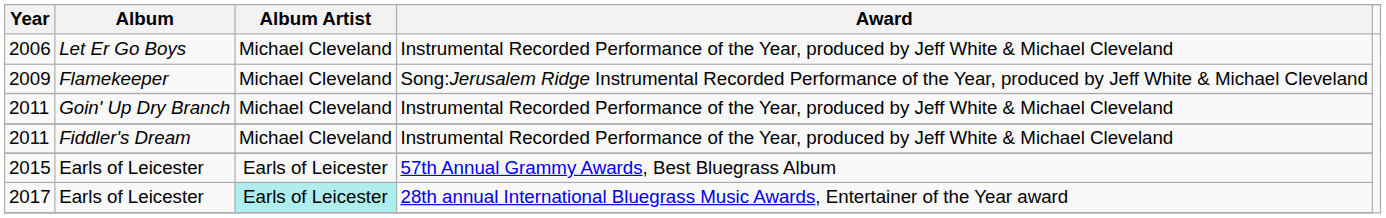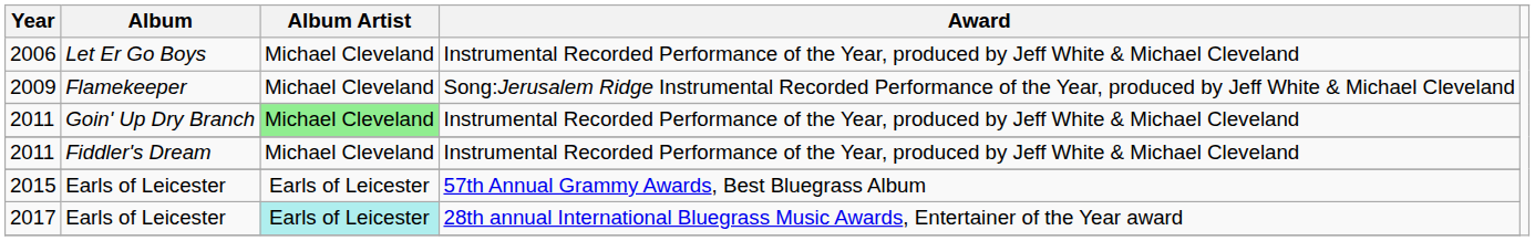 <table class="wikitable">
 <tr>
 <th rowspan="2">Year</th>
 <th rowspan="2">Album</th>
 <th rowspan="2">Album Artist</th>
 <th rowspan="2">Award</th>
 </tr>
 <tr>
 <td></td>
 </tr>
 <tr>
 <td>2006</td>
 <td><em>Let Er Go Boys</em></td>
 <td style="text-align:center;">Michael Cleveland</td>
 <td>Instrumental Recorded Performance of the Year, produced by Jeff White & Michael Cleveland</td>
 </tr>
 <tr>
 <td>2009</td>
 <td><em>Flamekeeper</em></td>
 <td style="text-align:center;">Michael Cleveland</td>
 <td>Song:<em>Jerusalem Ridge</em> Instrumental Recorded Performance of the Year, produced by Jeff White & Michael Cleveland</td>
 </tr>
 <tr>
 </tr>
 <tr>
 <td>2011</td>
 <td><em>Goin' Up Dry Branch</em></td>
-<td style="text-align:center;">Michael Cleveland</td>
+<td style="background: lightgreen; text-align:center;">Michael Cleveland</td>
 <td>Instrumental Recorded Performance of the Year, produced by Jeff White & Michael Cleveland</td>
 </tr>
 <tr>
 </tr>
 <tr>
 <td>2011</td>
 <td><em>Fiddler's Dream</em></td>
 <td style="text-align:center;">Michael Cleveland</td>
 <td>Instrumental Recorded Performance of the Year, produced by Jeff White & Michael Cleveland</td>
 </tr>
 <tr>
 </tr>
 <tr>
 <td>2015</td>
 <td>Earls of Leicester</td>
 <td style="text-align:center;">Earls of Leicester</td>
 <td><a href='#'>57th Annual Grammy Awards</a>,  Best Bluegrass Album</td>
 </tr>
 <tr>
 <td>2017</td>
 <td>Earls of Leicester</td>
 <td style="background: paleturquoise; text-align:center;">Earls of Leicester</td>
 <td><a href='#'>28th annual International Bluegrass Music Awards</a>, Entertainer of the Year award</td>
 </tr>
 <tr>
 </tr>
 </table>
